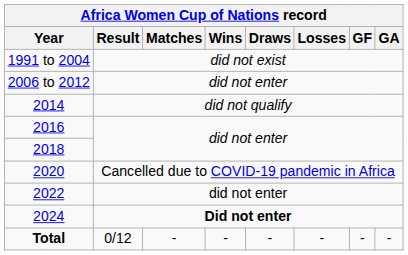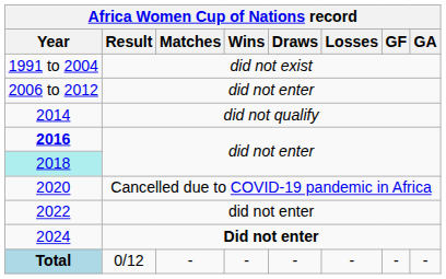 <table class="wikitable" style="text-align: center;">
 <tr>
 <th colspan=8><a href='#'>Africa Women Cup of Nations</a> record</th>
 </tr>
 <tr>
 <th>Year</th>
 <th>Result</th>
 <th>Matches</th>
 <th>Wins</th>
 <th>Draws</th>
 <th>Losses</th>
 <th>GF</th>
 <th>GA</th>
 </tr>
 <tr>
 <td><a href='#'>1991</a> to  <a href='#'>2004</a></td>
 <td colspan="7"><em>did not exist</em></td>
 </tr>
 <tr>
 <td> <a href='#'>2006</a> to  <a href='#'>2012</a></td>
 <td colspan="7"><em>did not enter</em></td>
 </tr>
 <tr>
 <td> <a href='#'>2014</a></td>
 <td colspan="7"><em>did not qualify</em></td>
 </tr>
 <tr>
-<td> <a href='#'>2016</a></td>
+<td><strong> <a href='#'>2016</a></strong></td>
 <td colspan="7" rowspan="2"><em>did not enter</em></td>
 </tr>
 <tr>
-<td> <a href='#'>2018</a></td>
+<td style="background: paleturquoise;"> <a href='#'>2018</a></td>
 </tr>
 <tr>
 <td> <a href='#'>2020</a></td>
 <td colspan="7">Cancelled due to <a href='#'>COVID-19 pandemic in Africa</a></td>
 </tr>
 <tr>
 <td> <a href='#'>2022</a></td>
 <td colspan="7">did not enter</td>
 </tr>
 <tr>
 <td> <a href='#'>2024</a></td>
 <td colspan=8><strong> Did not enter </strong></td>
 </tr>
 <tr>
-<td><strong>Total</strong></td>
+<td style="background: lightblue;"><strong>Total</strong></td>
 <td>0/12</td>
 <td>-</td>
 <td>-</td>
 <td>-</td>
 <td>-</td>
 <td>-</td>
 <td>-</td>
 </tr>
 </table>
